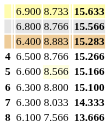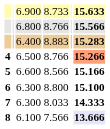 <table>
 <tr style="background:#fffcaf;">
 <th scope=row style="text-align:center"></th>
 <td style="text-align:left;"></td>
 <td>6.900</td>
 <td>8.733</td>
 <td></td>
 <td><strong>15.633</strong></td>
 </tr>
 <tr style="background:#e5e5e5;">
 <th scope=row style="text-align:center"></th>
 <td style="text-align:left;"></td>
 <td>6.800</td>
 <td>8.766</td>
 <td></td>
 <td><strong>15.566</strong></td>
 </tr>
 <tr style="background:#ec9;">
 <th scope=row style="text-align:center"></th>
 <td style="text-align:left;"></td>
 <td>6.400</td>
 <td>8.883</td>
 <td></td>
 <td><strong>15.283</strong></td>
 </tr>
 <tr>
 <th scope=row style="text-align:center">4</th>
 <td style="text-align:left;"></td>
 <td>6.500</td>
 <td>8.766</td>
 <td></td>
-<td><strong>15.266</strong></td>
+<td style="background: lightsalmon;"><strong>15.266</strong></td>
 </tr>
 <tr>
 <th scope=row style="text-align:center">5</th>
 <td style="text-align:left;"></td>
 <td>6.600</td>
-<td style="background: lightyellow;">8.566</td>
+<td>8.566</td>
 <td></td>
 <td><strong>15.166</strong></td>
 </tr>
 <tr>
 <th scope=row style="text-align:center">6</th>
 <td style="text-align:left;"></td>
 <td>6.300</td>
 <td>8.800</td>
 <td></td>
 <td><strong>15.100</strong></td>
 </tr>
 <tr>
 <th scope=row style="text-align:center">7</th>
 <td style="text-align:left;"></td>
 <td>6.300</td>
 <td>8.033</td>
 <td></td>
 <td><strong>14.333</strong></td>
 </tr>
 <tr>
 <th scope=row style="text-align:center">8</th>
 <td style="text-align:left;"></td>
 <td>6.100</td>
 <td>7.566</td>
 <td></td>
-<td><strong>13.666</strong></td>
+<td style="background: lavender;"><strong>13.666</strong></td>
 </tr>
 </table>
